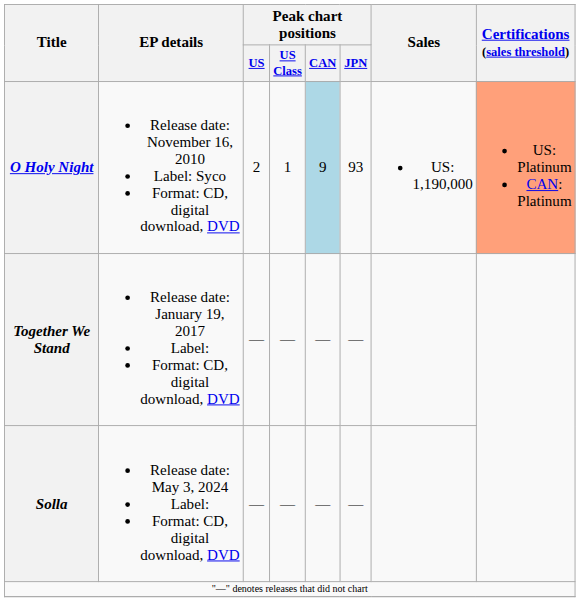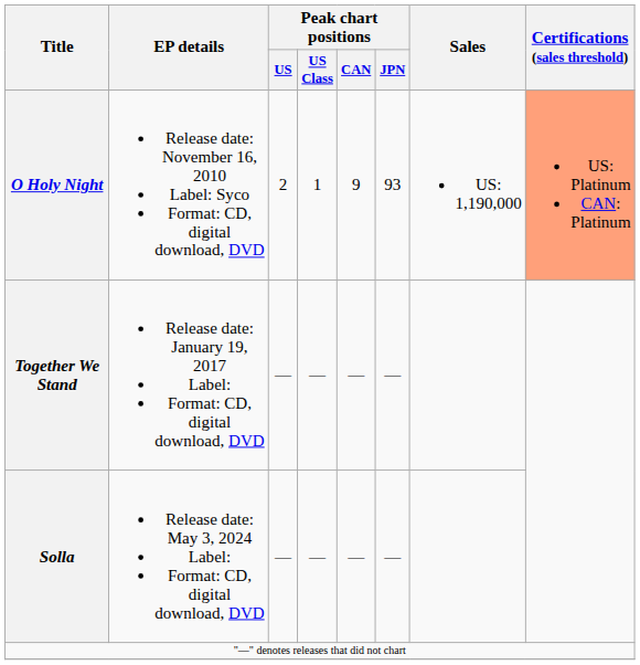 <table class="wikitable plainrowheaders" style="text-align:center;">
 <tr>
 <th rowspan="2" style="width:12em;">Title</th>
 <th rowspan="2" style="width:16em;">EP details</th>
 <th colspan="4">Peak chart positions</th>
 <th rowspan="2">Sales</th>
 <th rowspan="2"><a href='#'>Certifications</a><br><small>(<a href='#'>sales threshold</a>)</small></th>
 </tr>
 <tr style="font-size:smaller;">
 <th width="35"><a href='#'>US</a><br></th>
 <th width="35"><a href='#'>US<br>Class</a><br></th>
 <th width="35"><a href='#'>CAN</a><br></th>
 <th width="35"><a href='#'>JPN</a><br></th>
 </tr>
 <tr>
 <th scope="row"><em><a href='#'>O Holy Night</a></em></th>
 <td><br><ul><li>Release date: November 16, 2010</li><li>Label: Syco</li><li>Format: CD, digital download, <a href='#'>DVD</a></li></ul></td>
 <td>2</td>
 <td>1</td>
-<td style="background: lightblue;">9</td>
+<td>9</td>
 <td>93</td>
 <td><br><ul><li>US: 1,190,000</li></ul></td>
 <td style="background: lightsalmon;"><br><ul><li>US: Platinum</li><li><a href='#'>CAN</a>: Platinum</li></ul></td>
 </tr>
 <tr>
 <th scope="row"><em>Together We Stand</em></th>
 <td><br><ul><li>Release date: January 19, 2017</li><li>Label:</li><li>Format: CD, digital download, <a href='#'>DVD</a></li></ul></td>
 <td>—</td>
 <td>—</td>
 <td>—</td>
 <td>—</td>
 <td></td>
 </tr>
 <tr>
 <th scope="row"><em>Solla</em></th>
 <td><br><ul><li>Release date: May 3, 2024</li><li>Label:</li><li>Format: CD, digital download, <a href='#'>DVD</a></li></ul></td>
 <td>—</td>
 <td>—</td>
 <td>—</td>
 <td>—</td>
 <td></td>
 </tr>
 <tr>
 <td colspan="10" style="font-size:8pt">"—" denotes releases that did not chart</td>
 </tr>
 <tr>
 </tr>
 </table>
